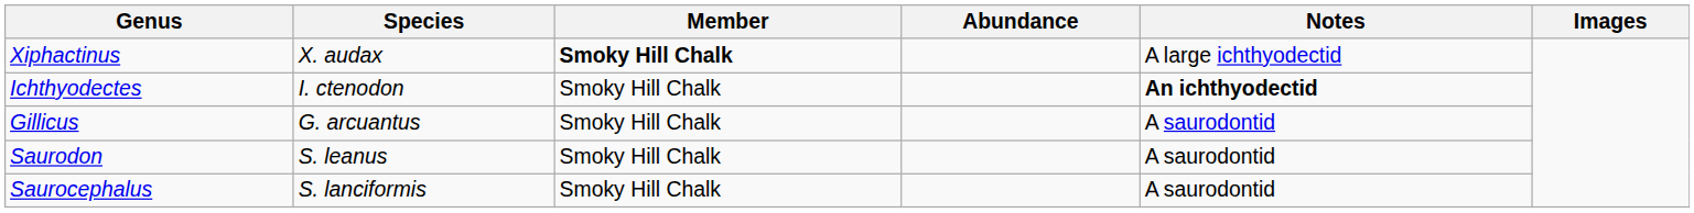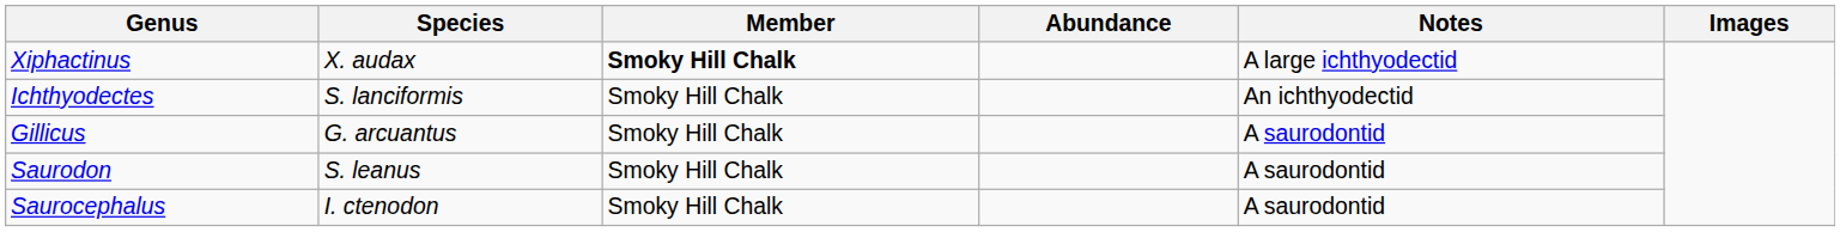 <table class="wikitable" style="margin:auto; width:100%;">
 <tr>
 <th>Genus</th>
 <th>Species</th>
 <th>Member</th>
 <th>Abundance</th>
 <th>Notes</th>
 <th>Images</th>
 </tr>
 <tr>
 <td><em><a href='#'>Xiphactinus</a></em></td>
 <td><em>X. audax</em></td>
 <td><strong>Smoky Hill Chalk</strong></td>
 <td></td>
 <td>A large <a href='#'>ichthyodectid</a></td>
 <td rowspan=34><br>  </td>
 </tr>
 <tr>
 <td><em><a href='#'>Ichthyodectes</a></em></td>
-<td><em>I. ctenodon</em></td>
+<td><em>S. lanciformis</em></td>
 <td>Smoky Hill Chalk</td>
 <td></td>
-<td><strong>An ichthyodectid</strong></td>
+<td>An ichthyodectid</td>
 </tr>
 <tr>
 <td><em><a href='#'>Gillicus</a></em></td>
 <td><em>G. arcuantus</em></td>
 <td>Smoky Hill Chalk</td>
 <td></td>
 <td>A <a href='#'>saurodontid</a></td>
 </tr>
 <tr>
 <td><em><a href='#'>Saurodon</a></em></td>
 <td><em>S. leanus</em></td>
 <td>Smoky Hill Chalk</td>
 <td></td>
 <td>A saurodontid</td>
 </tr>
 <tr>
 <td><em><a href='#'>Saurocephalus</a></em></td>
-<td><em>S. lanciformis</em></td>
+<td><em>I. ctenodon</em></td>
 <td>Smoky Hill Chalk</td>
 <td></td>
 <td>A saurodontid</td>
 </tr>
 </table>
